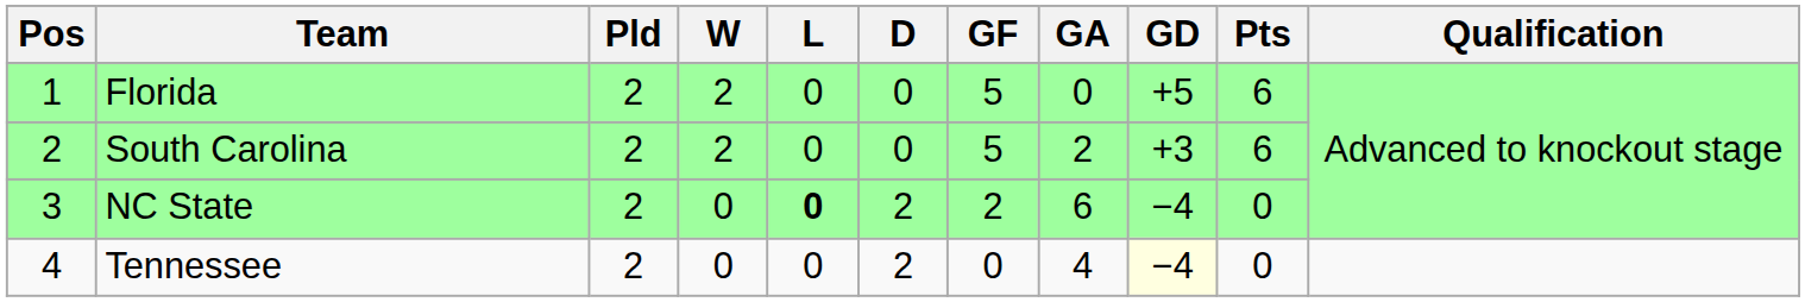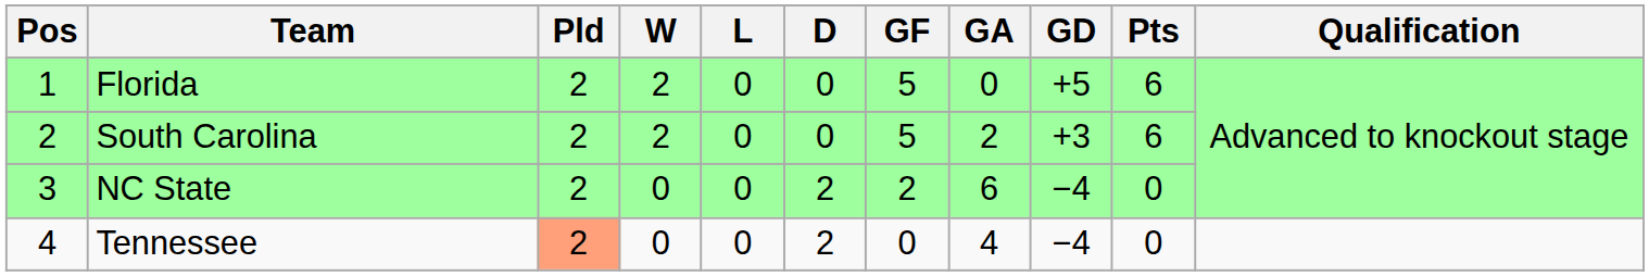 <table class="wikitable" style="text-align:center; margin: 1em auto">
 <tr>
 <th style="width:2em">Pos</th>
 <th style="width:13em">Team</th>
 <th style="width:2em">Pld</th>
 <th style="width:2em">W</th>
 <th style="width:2em">L</th>
 <th style="width:2em">D</th>
 <th style="width:2em">GF</th>
 <th style="width:2em">GA</th>
 <th style="width:2em">GD</th>
 <th style="width:2em">Pts</th>
 <th style="width:13em">Qualification</th>
 </tr>
 <tr bgcolor="#9eff9e">
 <td>1</td>
 <td style="text-align:left">Florida</td>
 <td>2</td>
 <td>2</td>
 <td>0</td>
 <td>0</td>
 <td>5</td>
 <td>0</td>
 <td>+5</td>
 <td>6</td>
 <td rowspan="3">Advanced to knockout stage</td>
 </tr>
 <tr bgcolor="#9eff9e">
 <td>2</td>
 <td style="text-align:left">South Carolina</td>
 <td>2</td>
 <td>2</td>
 <td>0</td>
 <td>0</td>
 <td>5</td>
 <td>2</td>
 <td>+3</td>
 <td>6</td>
 </tr>
 <tr bgcolor="#9eff9e">
 <td>3</td>
 <td style="text-align:left">NC State</td>
 <td>2</td>
 <td>0</td>
-<td><strong>0</strong></td>
+<td>0</td>
 <td>2</td>
 <td>2</td>
 <td>6</td>
 <td>−4</td>
 <td>0</td>
 </tr>
 <tr>
 <td>4</td>
 <td style="text-align:left">Tennessee</td>
-<td>2</td>
+<td style="background: lightsalmon;">2</td>
 <td>0</td>
 <td>0</td>
 <td>2</td>
 <td>0</td>
 <td>4</td>
-<td style="background: lightyellow;">−4</td>
+<td>−4</td>
 <td>0</td>
 <td></td>
 </tr>
 </table>
